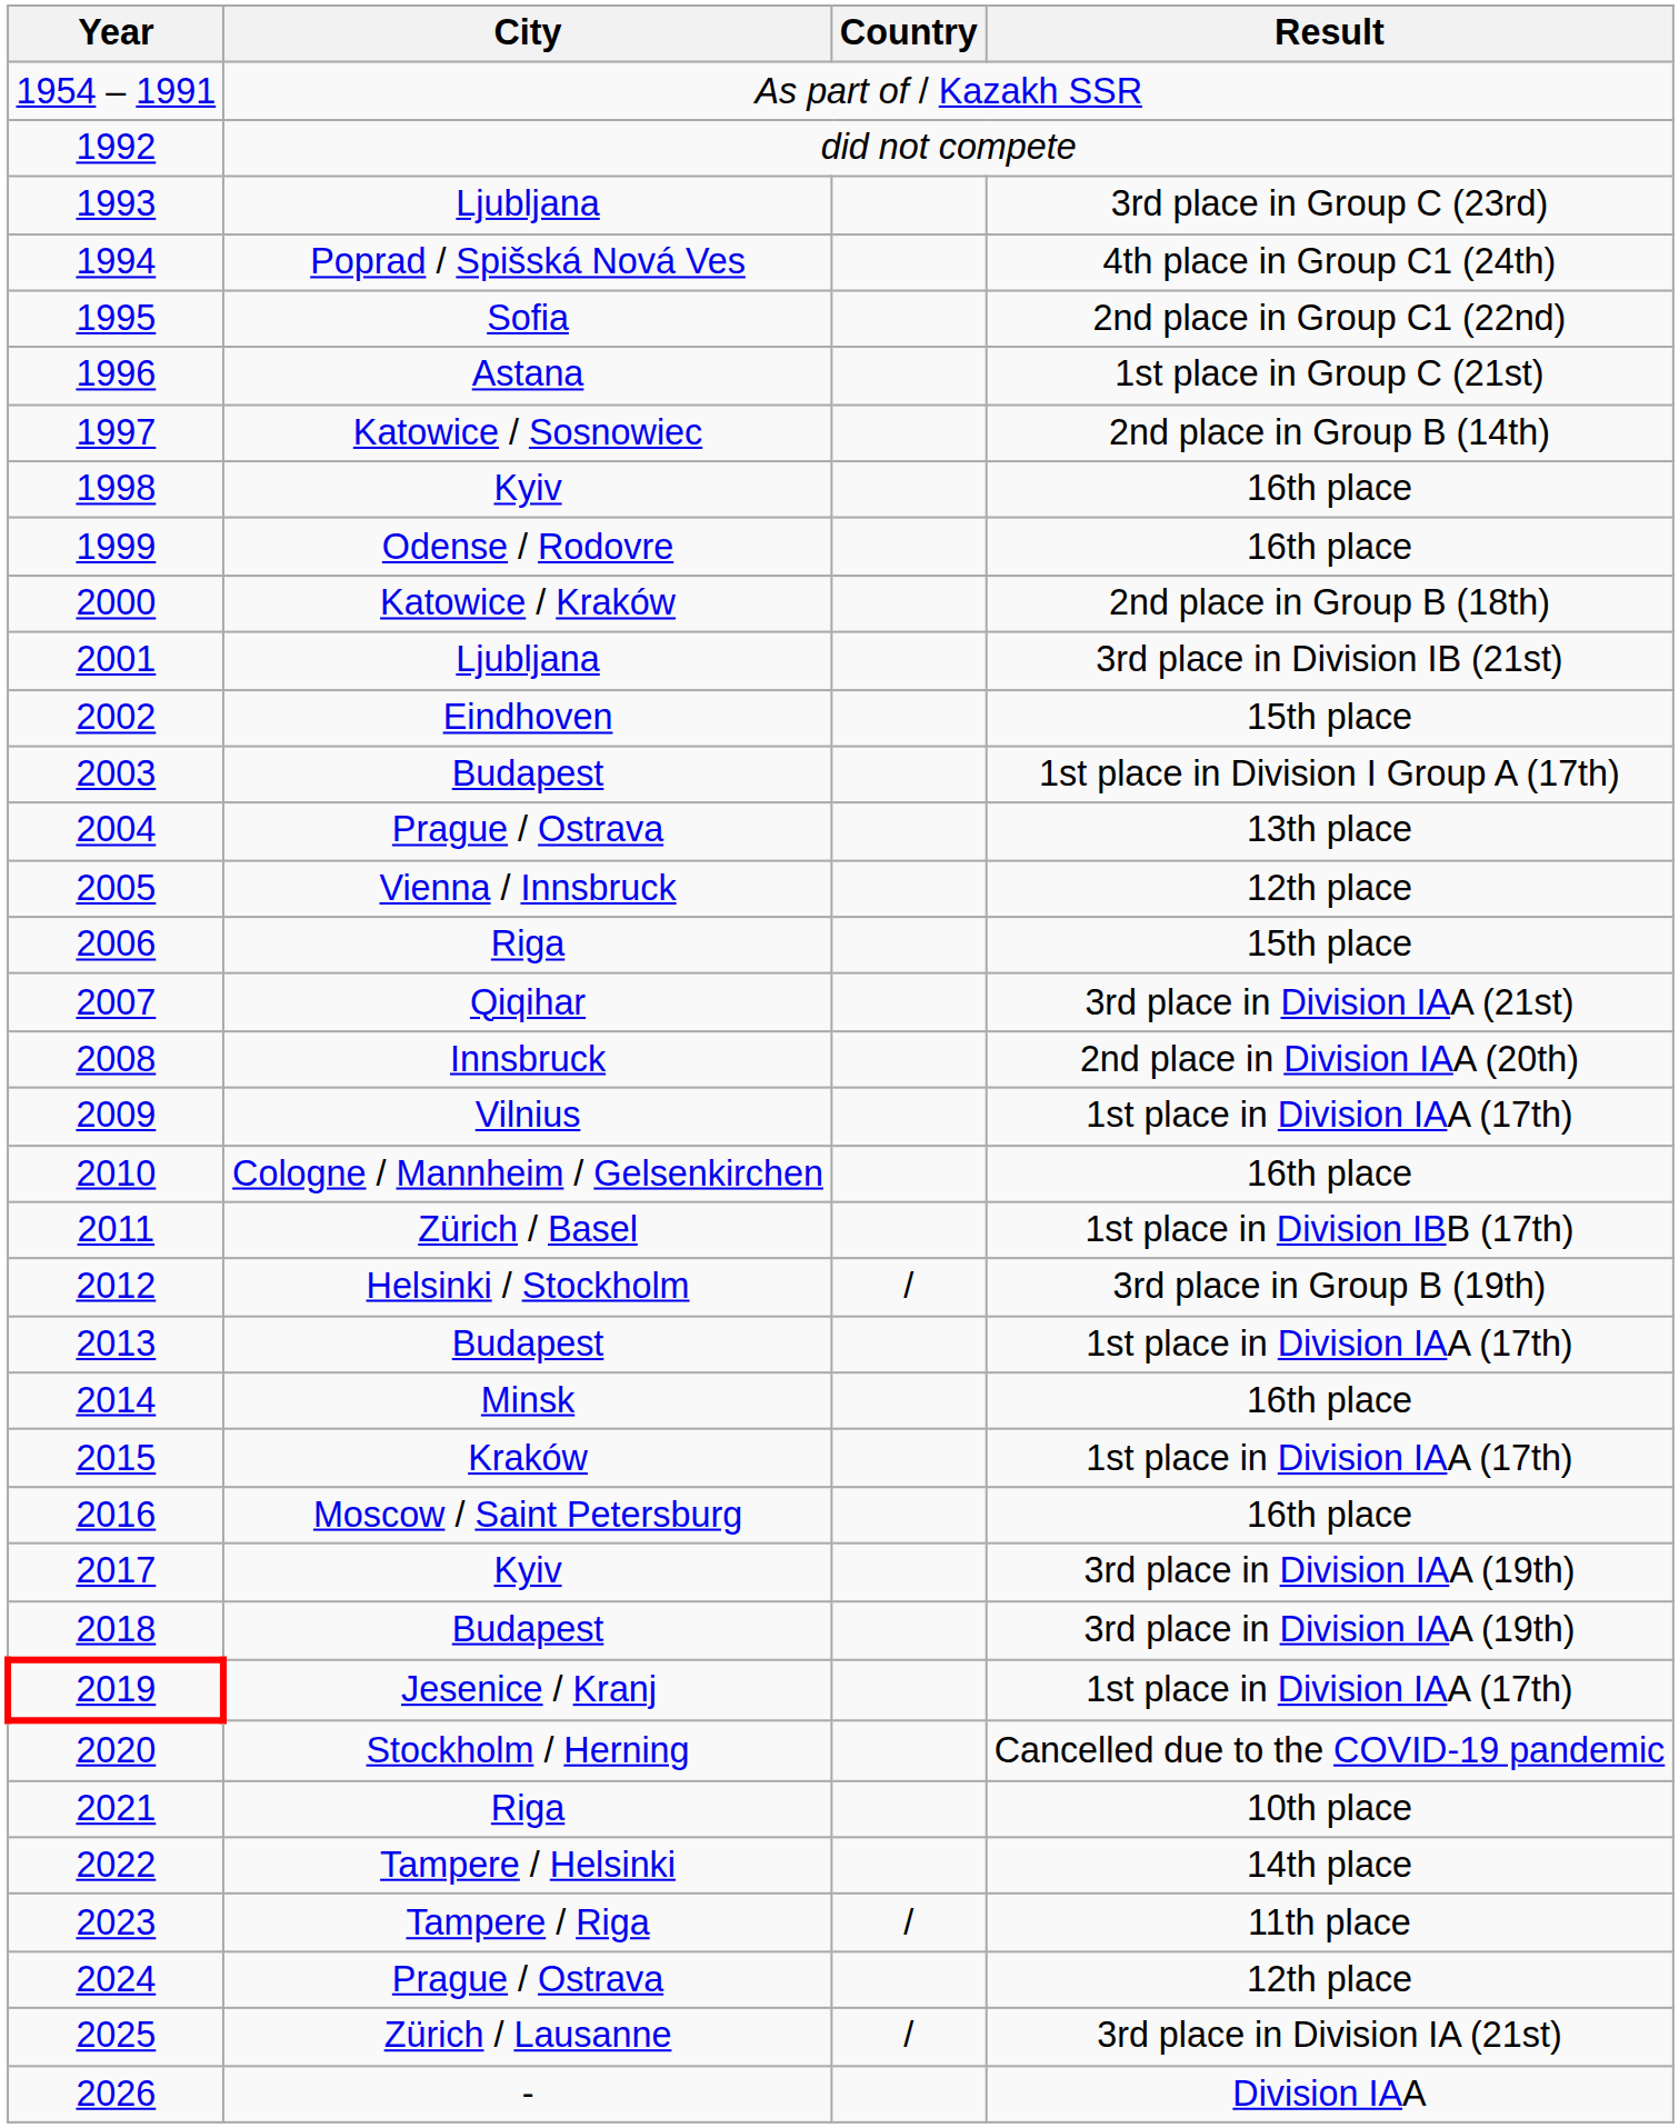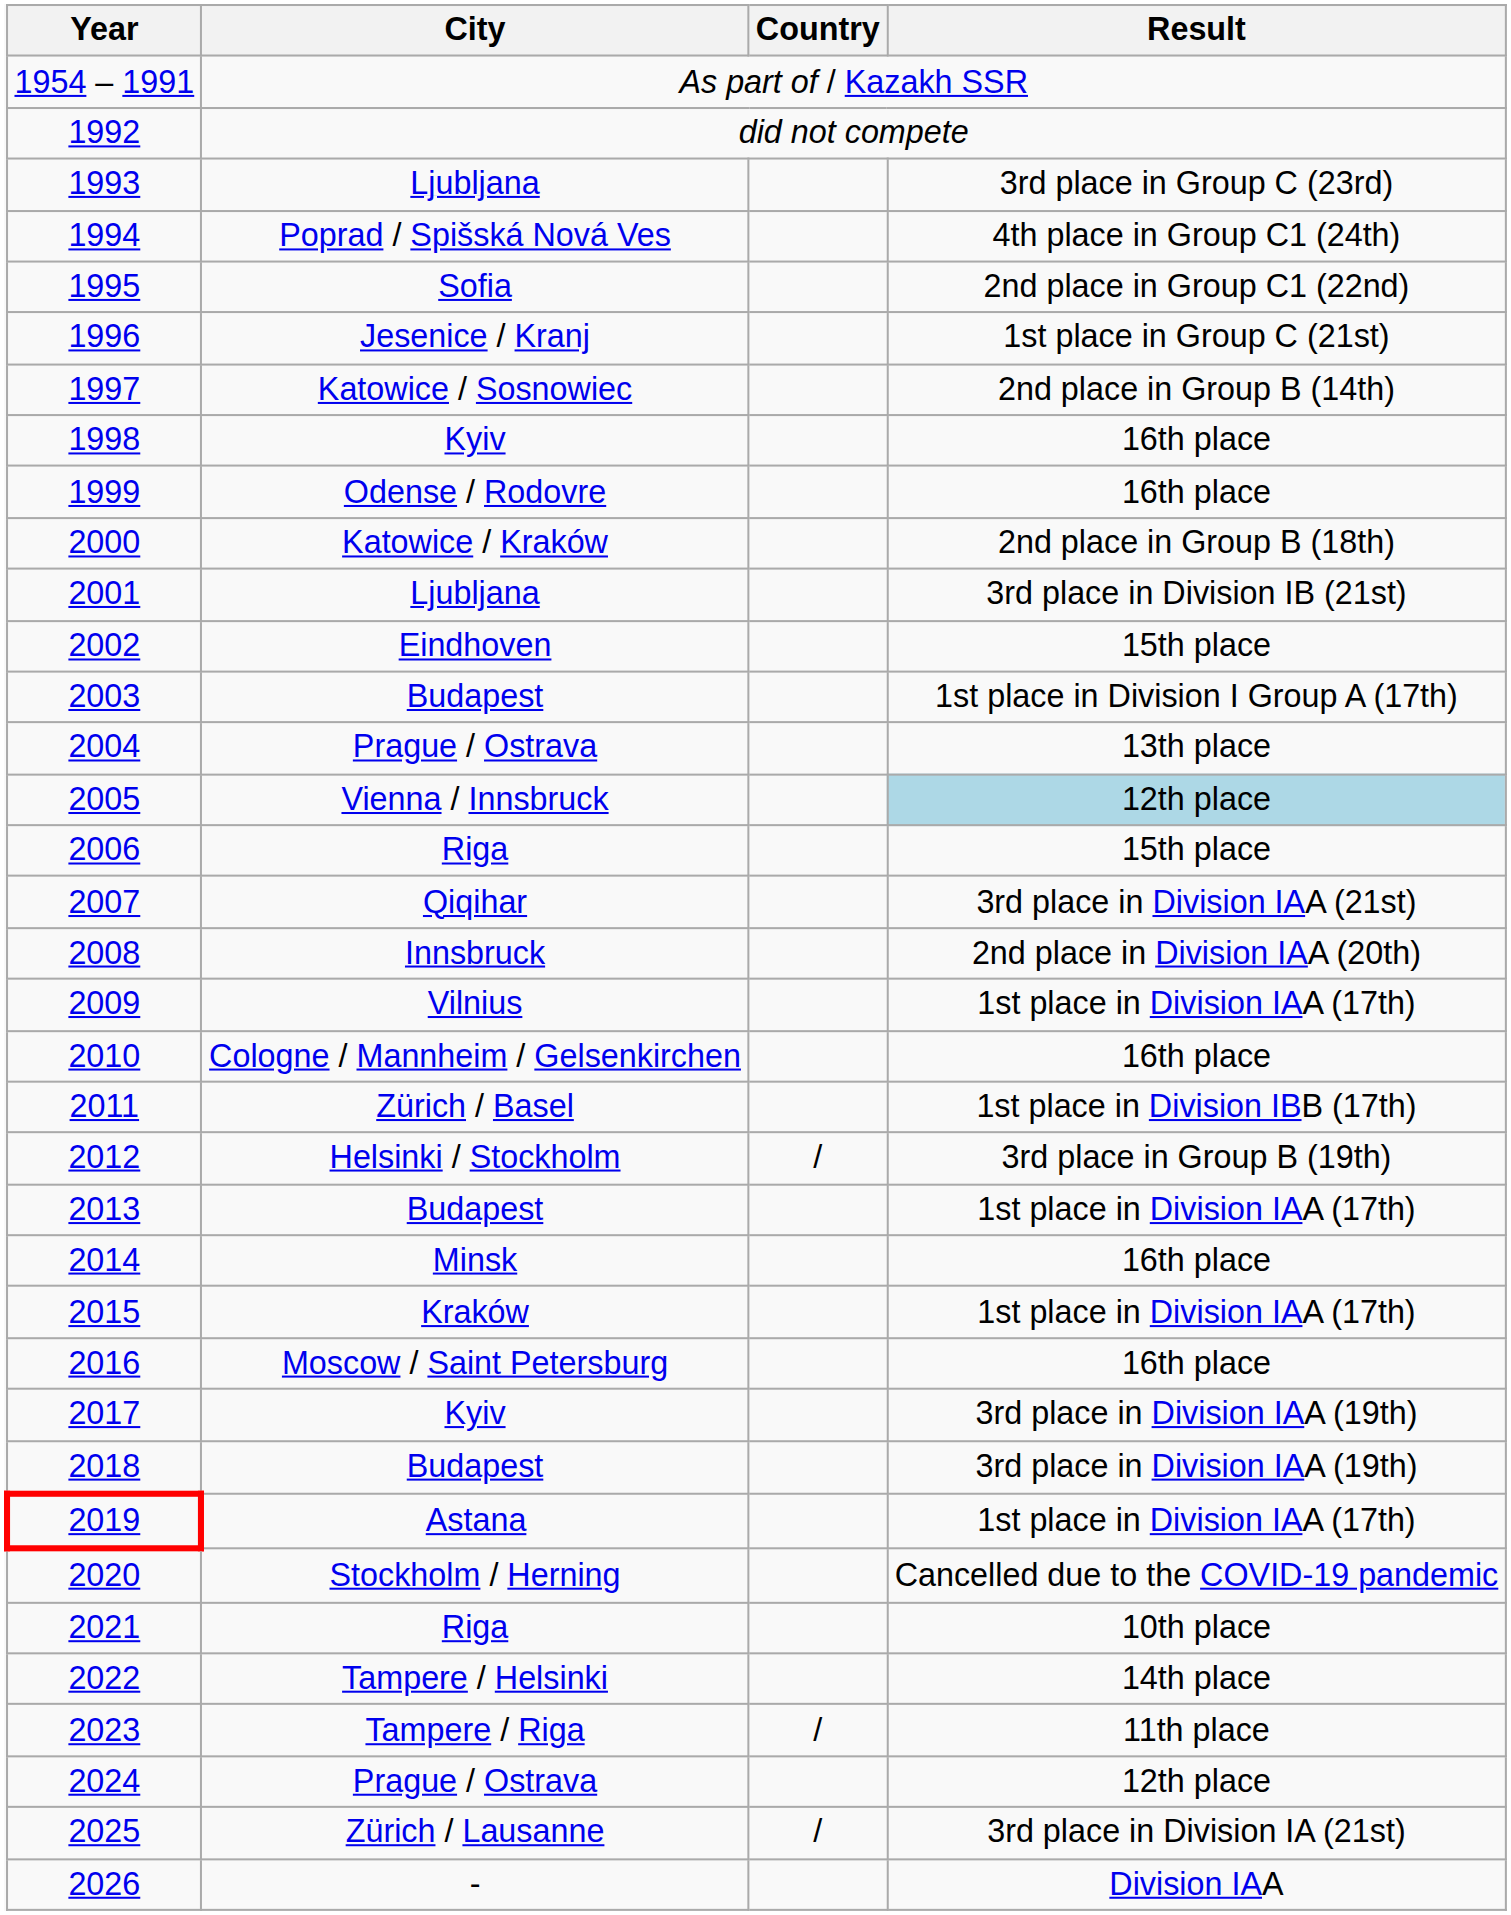 <table class="wikitable" style="text-align:center;">
 <tr>
 <th>Year</th>
 <th>City</th>
 <th>Country</th>
 <th>Result</th>
 </tr>
 <tr>
 <td><a href='#'>1954</a> – <a href='#'>1991</a></td>
 <td colspan=11><em>As part of</em>  / <a href='#'>Kazakh SSR</a></td>
 </tr>
 <tr>
 <td><a href='#'>1992</a></td>
 <td colspan=11><em>did not compete</em></td>
 </tr>
 <tr>
 <td><a href='#'>1993</a></td>
 <td><a href='#'>Ljubljana</a></td>
 <td></td>
 <td>3rd place in Group C (23rd)</td>
 </tr>
 <tr>
 <td><a href='#'>1994</a></td>
 <td><a href='#'>Poprad</a> / <a href='#'>Spišská Nová Ves</a></td>
 <td></td>
 <td>4th place in Group C1 (24th)</td>
 </tr>
 <tr>
 <td><a href='#'>1995</a></td>
 <td><a href='#'>Sofia</a></td>
 <td></td>
 <td>2nd place in Group C1 (22nd)</td>
 </tr>
 <tr>
 <td><a href='#'>1996</a></td>
-<td><a href='#'>Astana</a></td>
+<td><a href='#'>Jesenice</a> / <a href='#'>Kranj</a></td>
 <td></td>
 <td> 1st place in Group C (21st)</td>
 </tr>
 <tr>
 <td><a href='#'>1997</a></td>
 <td><a href='#'>Katowice</a> / <a href='#'>Sosnowiec</a></td>
 <td></td>
 <td> 2nd place in Group B (14th)</td>
 </tr>
 <tr>
 <td><a href='#'>1998</a></td>
 <td><a href='#'>Kyiv</a></td>
 <td></td>
 <td> 16th place</td>
 </tr>
 <tr>
 <td><a href='#'>1999</a></td>
 <td><a href='#'>Odense</a> / <a href='#'>Rodovre</a></td>
 <td></td>
 <td> 16th place</td>
 </tr>
 <tr>
 <td><a href='#'>2000</a></td>
 <td><a href='#'>Katowice</a> / <a href='#'>Kraków</a></td>
 <td></td>
 <td>2nd place in Group B (18th)</td>
 </tr>
 <tr>
 <td><a href='#'>2001</a></td>
 <td><a href='#'>Ljubljana</a></td>
 <td></td>
 <td>3rd place in Division IB (21st)</td>
 </tr>
 <tr>
 <td><a href='#'>2002</a></td>
 <td><a href='#'>Eindhoven</a></td>
 <td></td>
 <td> 15th place</td>
 </tr>
 <tr>
 <td><a href='#'>2003</a></td>
 <td><a href='#'>Budapest</a></td>
 <td></td>
 <td> 1st place in Division I Group A (17th)</td>
 </tr>
 <tr>
 <td><a href='#'>2004</a></td>
 <td><a href='#'>Prague</a> / <a href='#'>Ostrava</a></td>
 <td></td>
 <td>13th place</td>
 </tr>
 <tr>
 <td><a href='#'>2005</a></td>
 <td><a href='#'>Vienna</a> / <a href='#'>Innsbruck</a></td>
 <td></td>
-<td>12th place</td>
+<td style="background: lightblue;">12th place</td>
 </tr>
 <tr>
 <td><a href='#'>2006</a></td>
 <td><a href='#'>Riga</a></td>
 <td></td>
 <td> 15th place</td>
 </tr>
 <tr>
 <td><a href='#'>2007</a></td>
 <td><a href='#'>Qiqihar</a></td>
 <td></td>
 <td>3rd place in <a href='#'>Division IA</a>A (21st)</td>
 </tr>
 <tr>
 <td><a href='#'>2008</a></td>
 <td><a href='#'>Innsbruck</a></td>
 <td></td>
 <td>2nd place in <a href='#'>Division IA</a>A (20th)</td>
 </tr>
 <tr>
 <td><a href='#'>2009</a></td>
 <td><a href='#'>Vilnius</a></td>
 <td></td>
 <td> 1st place in <a href='#'>Division IA</a>A (17th)</td>
 </tr>
 <tr>
 <td><a href='#'>2010</a></td>
 <td><a href='#'>Cologne</a> / <a href='#'>Mannheim</a> / <a href='#'>Gelsenkirchen</a></td>
 <td></td>
 <td> 16th place</td>
 </tr>
 <tr>
 <td><a href='#'>2011</a></td>
 <td><a href='#'>Zürich</a> / <a href='#'>Basel</a></td>
 <td></td>
 <td> 1st place in <a href='#'>Division IB</a>B (17th)</td>
 </tr>
 <tr>
 <td><a href='#'>2012</a></td>
 <td><a href='#'>Helsinki</a> / <a href='#'>Stockholm</a></td>
 <td> / </td>
 <td>3rd place in Group B (19th)</td>
 </tr>
 <tr>
 <td><a href='#'>2013</a></td>
 <td><a href='#'>Budapest</a></td>
 <td></td>
 <td> 1st place in <a href='#'>Division IA</a>A (17th)</td>
 </tr>
 <tr>
 <td><a href='#'>2014</a></td>
 <td><a href='#'>Minsk</a></td>
 <td></td>
 <td> 16th place</td>
 </tr>
 <tr>
 <td><a href='#'>2015</a></td>
 <td><a href='#'>Kraków</a></td>
 <td></td>
 <td> 1st place in <a href='#'>Division IA</a>A (17th)</td>
 </tr>
 <tr>
 <td><a href='#'>2016</a></td>
 <td><a href='#'>Moscow</a> / <a href='#'>Saint Petersburg</a></td>
 <td></td>
 <td> 16th place</td>
 </tr>
 <tr>
 <td><a href='#'>2017</a></td>
 <td><a href='#'>Kyiv</a></td>
 <td></td>
 <td>3rd place in <a href='#'>Division IA</a>A (19th)</td>
 </tr>
 <tr>
 <td><a href='#'>2018</a></td>
 <td><a href='#'>Budapest</a></td>
 <td></td>
 <td>3rd place in <a href='#'>Division IA</a>A (19th)</td>
 </tr>
 <tr>
 <td style="border: 3px solid red"><a href='#'>2019</a></td>
-<td><a href='#'>Jesenice</a> / <a href='#'>Kranj</a></td>
+<td><a href='#'>Astana</a></td>
 <td></td>
 <td> 1st place in <a href='#'>Division IA</a>A (17th)</td>
 </tr>
 <tr>
 <td><a href='#'>2020</a></td>
 <td><a href='#'>Stockholm</a> / <a href='#'>Herning</a></td>
 <td></td>
 <td colspan=12 align=center>Cancelled due to the <a href='#'>COVID-19 pandemic</a></td>
 </tr>
 <tr>
 <td><a href='#'>2021</a></td>
 <td><a href='#'>Riga</a></td>
 <td></td>
 <td>10th place</td>
 </tr>
 <tr>
 <td><a href='#'>2022</a></td>
 <td><a href='#'>Tampere</a> / <a href='#'>Helsinki</a></td>
 <td></td>
 <td>14th place</td>
 </tr>
 <tr>
 <td><a href='#'>2023</a></td>
 <td><a href='#'>Tampere</a> / <a href='#'>Riga</a></td>
 <td> / </td>
 <td>11th place</td>
 </tr>
 <tr>
 <td><a href='#'>2024</a></td>
 <td><a href='#'>Prague</a> / <a href='#'>Ostrava</a></td>
 <td></td>
 <td>12th place</td>
 </tr>
 <tr>
 <td><a href='#'>2025</a></td>
 <td><a href='#'>Zürich</a> / <a href='#'>Lausanne</a></td>
 <td> / </td>
 <td>3rd place in Division IA (21st)</td>
 </tr>
 <tr>
 <td><a href='#'>2026</a></td>
 <td>-</td>
 <td></td>
 <td><a href='#'>Division IA</a>A</td>
 </tr>
 </table>
